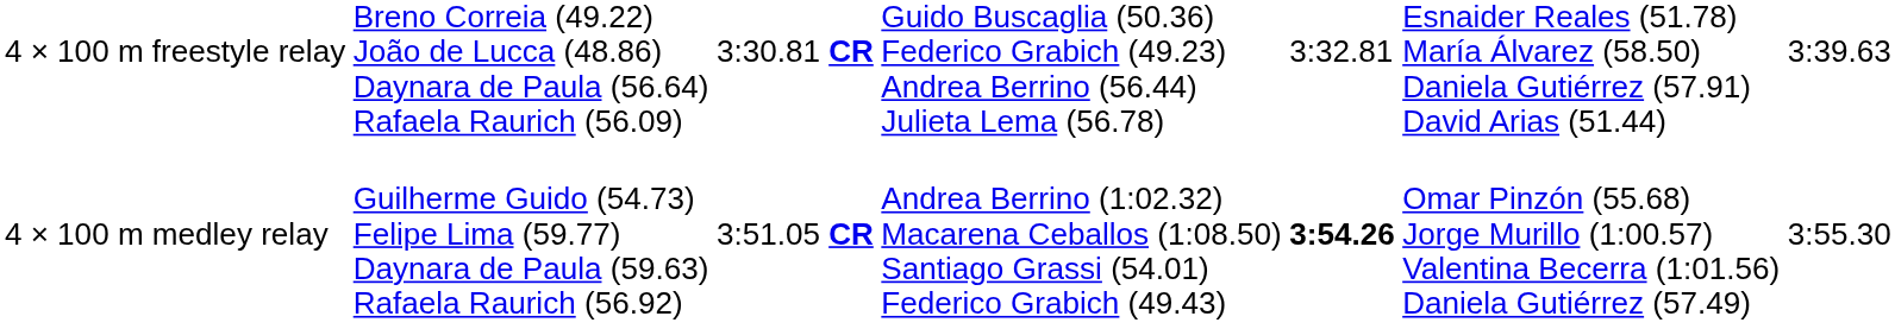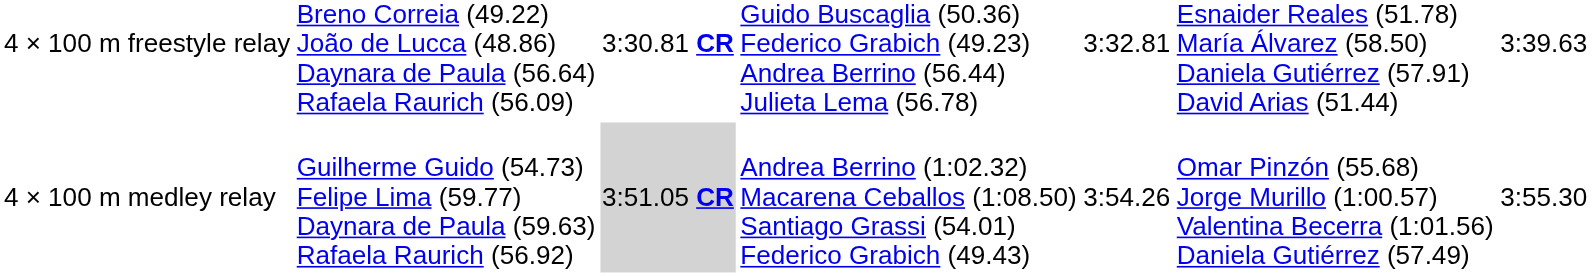 <table>
 <tr>
 <td>4 × 100 m freestyle relay</td>
 <td><br><a href='#'>Breno Correia</a> (49.22)<br><a href='#'>João de Lucca</a> (48.86)<br><a href='#'>Daynara de Paula</a> (56.64)<br><a href='#'>Rafaela Raurich</a> (56.09)</td>
 <td>3:30.81 <strong><a href='#'>CR</a></strong></td>
 <td><br><a href='#'>Guido Buscaglia</a> (50.36)<br><a href='#'>Federico Grabich</a> (49.23)<br><a href='#'>Andrea Berrino</a> (56.44)<br><a href='#'>Julieta Lema</a> (56.78)</td>
 <td>3:32.81</td>
 <td><br><a href='#'>Esnaider Reales</a> (51.78)<br><a href='#'>María Álvarez</a> (58.50)<br><a href='#'>Daniela Gutiérrez</a> (57.91)<br><a href='#'>David Arias</a> (51.44)</td>
 <td>3:39.63</td>
 </tr>
 <tr>
 <td>4 × 100 m medley relay</td>
 <td><br><a href='#'>Guilherme Guido</a> (54.73)<br><a href='#'>Felipe Lima</a> (59.77)<br><a href='#'>Daynara de Paula</a> (59.63)<br><a href='#'>Rafaela Raurich</a> (56.92)</td>
-<td>3:51.05 <strong><a href='#'>CR</a></strong></td>
+<td style="background: lightgrey;">3:51.05 <strong><a href='#'>CR</a></strong></td>
 <td><br><a href='#'>Andrea Berrino</a> (1:02.32)<br><a href='#'>Macarena Ceballos</a> (1:08.50)<br><a href='#'>Santiago Grassi</a> (54.01)<br><a href='#'>Federico Grabich</a> (49.43)</td>
-<td><strong>3:54.26</strong></td>
+<td>3:54.26</td>
 <td><br><a href='#'>Omar Pinzón</a> (55.68)<br><a href='#'>Jorge Murillo</a> (1:00.57)<br><a href='#'>Valentina Becerra</a> (1:01.56)<br><a href='#'>Daniela Gutiérrez</a> (57.49)</td>
 <td>3:55.30</td>
 </tr>
 </table>
